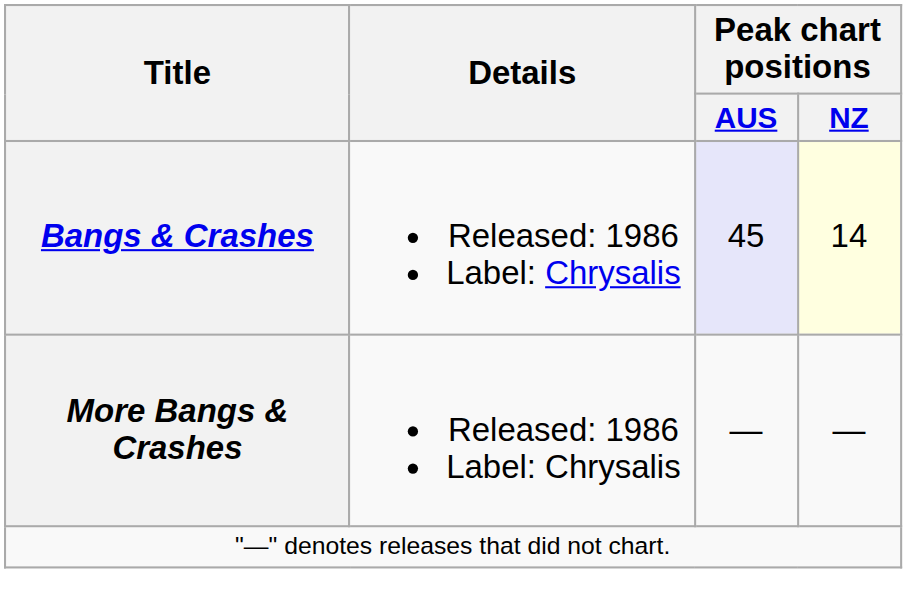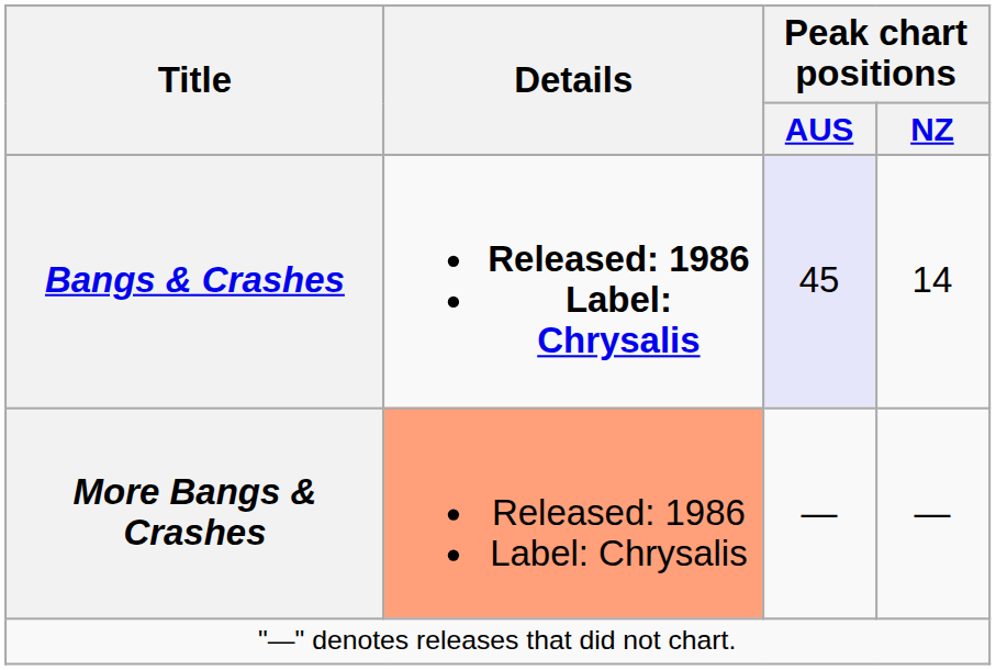 <table class="wikitable plainrowheaders" style="text-align:center;">
 <tr>
 <th scope="col" rowspan="2" style="width:10em;">Title</th>
 <th scope="col" rowspan="2" style="width:10em;">Details</th>
 <th scope="col" colspan="2">Peak chart positions</th>
 </tr>
 <tr>
 <th scope="col" style="width:3em; font-size:90%;"><a href='#'>AUS</a><br></th>
 <th scope="col" style="width:3em; font-size:90%;"><a href='#'>NZ</a><br></th>
 </tr>
 <tr>
 <th scope="row"><em><a href='#'>Bangs & Crashes</a></em></th>
-<td><br><ul><li>Released: 1986</li><li>Label: <a href='#'>Chrysalis</a></li></ul></td>
+<td><strong><br><ul><li>Released: 1986</li><li>Label: <a href='#'>Chrysalis</a></li></ul></strong></td>
 <td style="background: lavender;">45</td>
-<td style="background: lightyellow;">14</td>
+<td>14</td>
 </tr>
 <tr>
 <th scope="row"><em>More Bangs & Crashes</em></th>
-<td><br><ul><li>Released: 1986</li><li>Label: Chrysalis</li></ul></td>
+<td style="background: lightsalmon;"><br><ul><li>Released: 1986</li><li>Label: Chrysalis</li></ul></td>
 <td>—</td>
 <td>—</td>
 </tr>
 <tr>
 <td colspan="8" style="text-align:center; font-size:9pt;">"—" denotes releases that did not chart.</td>
 </tr>
 </table>
